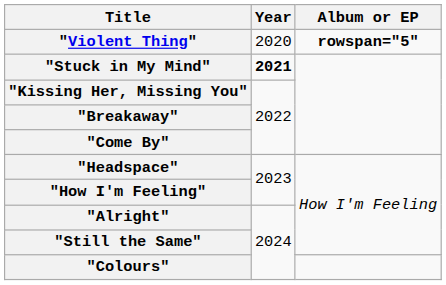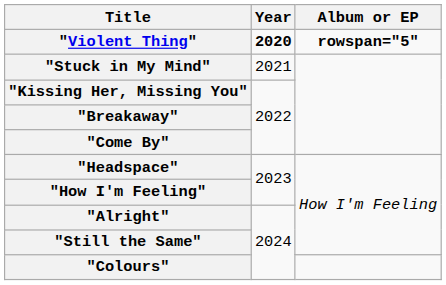 <table class="wikitable plainrowheaders" style="text-align:center;">
 <tr>
 <th scope="col">Title</th>
 <th scope="col">Year</th>
 <th scope="col">Album or EP</th>
 </tr>
 <tr>
 <th scope="row">"<a href='#'>Violent Thing</a>"</th>
-<td>2020</td>
+<td><strong>2020</strong></td>
 <td><strong>rowspan="5" </strong></td>
 </tr>
 <tr>
 <th scope="row">"Stuck in My Mind"</th>
-<td><strong>2021</strong></td>
+<td>2021</td>
 </tr>
 <tr>
 <th scope="row">"Kissing Her, Missing You"</th>
 <td rowspan="3">2022</td>
 </tr>
 <tr>
 <th scope="row">"Breakaway"</th>
 </tr>
 <tr>
 <th scope="row">"Come By"</th>
 </tr>
 <tr>
 <th scope="row">"Headspace"</th>
 <td rowspan="2">2023</td>
 <td rowspan="4"><em>How I'm Feeling</em></td>
 </tr>
 <tr>
 <th scope="row">"How I'm Feeling"</th>
 </tr>
 <tr>
 <th scope="row">"Alright"</th>
 <td rowspan="3">2024</td>
 </tr>
 <tr>
 <th scope="row">"Still the Same"</th>
 </tr>
 <tr>
 <th scope="row">"Colours"</th>
 <td></td>
 </tr>
 </table>
